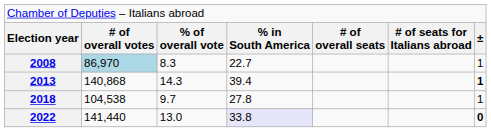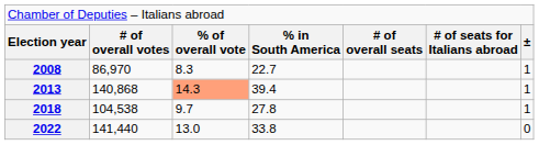 <table class=wikitable>
 <tr>
 <td colspan=7><a href='#'>Chamber of Deputies</a> – Italians abroad</td>
 </tr>
 <tr>
 <th>Election year</th>
 <th># of<br>overall votes</th>
 <th>% of<br>overall vote</th>
 <th>% in<br>South America</th>
 <th># of <br>overall seats</th>
 <th># of seats for<br>Italians abroad</th>
 <th>±</th>
 </tr>
 <tr>
 <th><a href='#'>2008</a></th>
-<td style="background: lightblue;">86,970</td>
+<td>86,970</td>
 <td>8.3</td>
 <td>22.7</td>
 <td></td>
 <td></td>
 <td> 1</td>
 </tr>
 <tr>
 <th><a href='#'>2013</a></th>
 <td>140,868</td>
-<td>14.3</td>
+<td style="background: lightsalmon;">14.3</td>
 <td>39.4</td>
 <td></td>
 <td></td>
-<td><strong> 1</strong></td>
+<td> 1</td>
 </tr>
 <tr>
 <th><a href='#'>2018</a></th>
 <td>104,538</td>
 <td>9.7</td>
 <td>27.8</td>
 <td></td>
 <td></td>
 <td> 1</td>
 </tr>
 <tr>
 <th><a href='#'>2022</a></th>
 <td>141,440</td>
 <td>13.0</td>
-<td style="background: lavender;">33.8</td>
+<td>33.8</td>
 <td></td>
 <td></td>
-<td><strong> 0</strong></td>
+<td> 0</td>
 </tr>
 </table>
